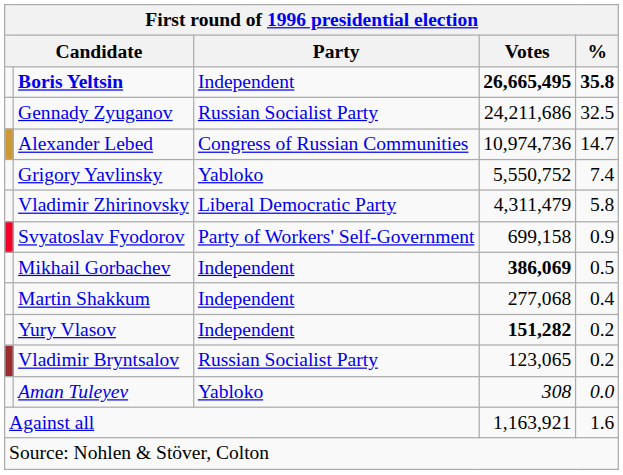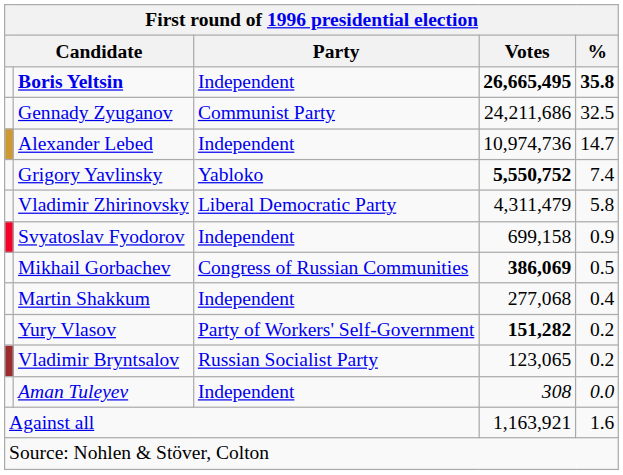 <table class=wikitable style=text-align:right>
 <tr>
 <th colspan=5>First round of <a href='#'>1996 presidential election</a></th>
 </tr>
 <tr>
 <th colspan=2>Candidate</th>
 <th>Party</th>
 <th>Votes</th>
 <th>%</th>
 </tr>
 <tr>
 <td style="background-color: "></td>
 <td align=left><strong><a href='#'>Boris Yeltsin</a></strong></td>
 <td align=left><a href='#'>Independent</a></td>
 <td><strong>26,665,495</strong></td>
 <td><strong>35.8</strong></td>
 </tr>
 <tr>
 <td style="background-color: "></td>
 <td align=left><a href='#'>Gennady Zyuganov</a></td>
-<td align=left><a href='#'>Russian Socialist Party</a></td>
+<td align=left><a href='#'>Communist Party</a></td>
 <td>24,211,686</td>
 <td>32.5</td>
 </tr>
 <tr>
 <td style="background-color: #CC9933"></td>
 <td align=left><a href='#'>Alexander Lebed</a></td>
-<td align=left><a href='#'>Congress of Russian Communities</a></td>
+<td align=left><a href='#'>Independent</a></td>
 <td>10,974,736</td>
 <td>14.7</td>
 </tr>
 <tr>
 <td style="background-color: "></td>
 <td align=left><a href='#'>Grigory Yavlinsky</a></td>
 <td align=left><a href='#'>Yabloko</a></td>
-<td>5,550,752</td>
+<td><strong>5,550,752</strong></td>
 <td>7.4</td>
 </tr>
 <tr>
 <td style="background-color: "></td>
 <td align=left><a href='#'>Vladimir Zhirinovsky</a></td>
 <td align=left><a href='#'>Liberal Democratic Party</a></td>
 <td>4,311,479</td>
 <td>5.8</td>
 </tr>
 <tr>
 <td style="background-color: #f50029"></td>
 <td align=left><a href='#'>Svyatoslav Fyodorov</a></td>
-<td align=left><a href='#'>Party of Workers' Self-Government</a></td>
+<td align=left><a href='#'>Independent</a></td>
 <td>699,158</td>
 <td>0.9</td>
 </tr>
 <tr>
 <td style="background-color: "></td>
 <td align=left><a href='#'>Mikhail Gorbachev</a></td>
-<td align=left><a href='#'>Independent</a></td>
+<td align=left><a href='#'>Congress of Russian Communities</a></td>
 <td><strong>386,069</strong></td>
 <td>0.5</td>
 </tr>
 <tr>
 <td style="background-color: "></td>
 <td align=left><a href='#'>Martin Shakkum</a></td>
 <td align=left><a href='#'>Independent</a></td>
 <td>277,068</td>
 <td>0.4</td>
 </tr>
 <tr>
 <td style="background-color: "></td>
 <td align=left><a href='#'>Yury Vlasov</a></td>
-<td align=left><a href='#'>Independent</a></td>
+<td align=left><a href='#'>Party of Workers' Self-Government</a></td>
 <td><strong>151,282</strong></td>
 <td>0.2</td>
 </tr>
 <tr>
 <td style="background-color: #9b2d30"></td>
 <td align=left><a href='#'>Vladimir Bryntsalov</a></td>
 <td align=left><a href='#'>Russian Socialist Party</a></td>
 <td>123,065</td>
 <td>0.2</td>
 </tr>
 <tr>
 <td style="background-color: "></td>
 <td align=left><em><a href='#'>Aman Tuleyev</a></em></td>
-<td align=left><a href='#'>Yabloko</a></td>
+<td align=left><a href='#'>Independent</a></td>
 <td><em>308</em></td>
 <td><em>0.0</em></td>
 </tr>
 <tr>
 <td align=left colspan=3><a href='#'>Against all</a></td>
 <td>1,163,921</td>
 <td>1.6</td>
 </tr>
 <tr>
 <td align=left colspan=7>Source: Nohlen & Stöver, Colton</td>
 </tr>
 </table>
